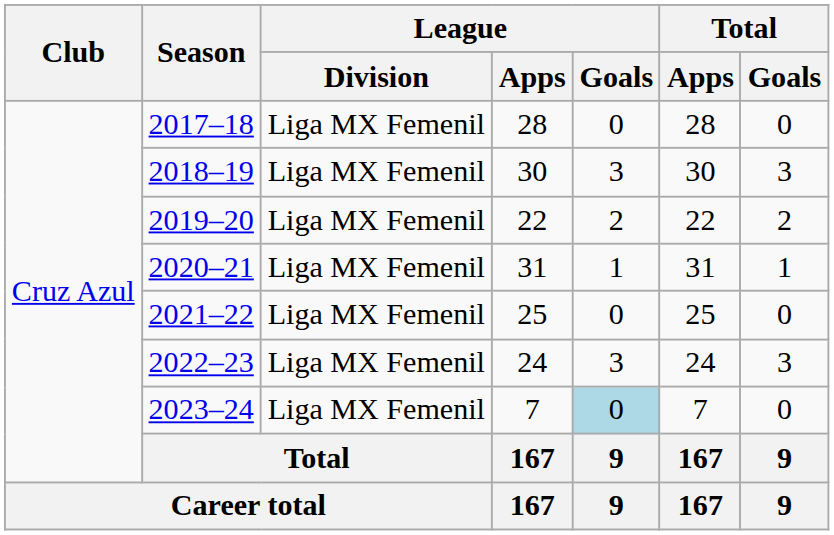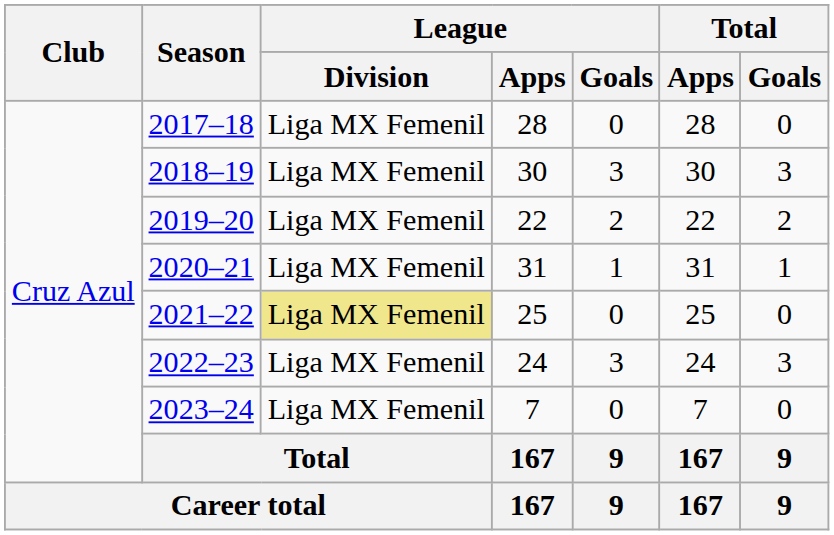 <table class=wikitable style="text-align: center;">
 <tr>
 <th rowspan=2>Club</th>
 <th rowspan=2>Season</th>
 <th colspan=3>League</th>
 <th colspan=2>Total</th>
 </tr>
 <tr>
 <th>Division</th>
 <th>Apps</th>
 <th>Goals</th>
 <th>Apps</th>
 <th>Goals</th>
 </tr>
 <tr>
 <td rowspan="8"><a href='#'>Cruz Azul</a></td>
 <td><a href='#'>2017–18</a></td>
 <td>Liga MX Femenil</td>
 <td>28</td>
 <td>0</td>
 <td>28</td>
 <td>0</td>
 </tr>
 <tr>
 <td><a href='#'>2018–19</a></td>
 <td>Liga MX Femenil</td>
 <td>30</td>
 <td>3</td>
 <td>30</td>
 <td>3</td>
 </tr>
 <tr>
 <td><a href='#'>2019–20</a></td>
 <td>Liga MX Femenil</td>
 <td>22</td>
 <td>2</td>
 <td>22</td>
 <td>2</td>
 </tr>
 <tr>
 <td><a href='#'>2020–21</a></td>
 <td>Liga MX Femenil</td>
 <td>31</td>
 <td>1</td>
 <td>31</td>
 <td>1</td>
 </tr>
 <tr>
 <td><a href='#'>2021–22</a></td>
-<td>Liga MX Femenil</td>
+<td style="background: khaki;">Liga MX Femenil</td>
 <td>25</td>
 <td>0</td>
 <td>25</td>
 <td>0</td>
 </tr>
 <tr>
 <td><a href='#'>2022–23</a></td>
 <td>Liga MX Femenil</td>
 <td>24</td>
 <td>3</td>
 <td>24</td>
 <td>3</td>
 </tr>
 <tr>
 <td><a href='#'>2023–24</a></td>
 <td>Liga MX Femenil</td>
 <td>7</td>
-<td style="background: lightblue;">0</td>
+<td>0</td>
 <td>7</td>
 <td>0</td>
 </tr>
 <tr>
 <th colspan="2">Total</th>
 <th>167</th>
 <th>9</th>
 <th>167</th>
 <th>9</th>
 </tr>
 <tr>
 <th colspan="3">Career total</th>
 <th>167</th>
 <th>9</th>
 <th>167</th>
 <th>9</th>
 </tr>
 </table>
